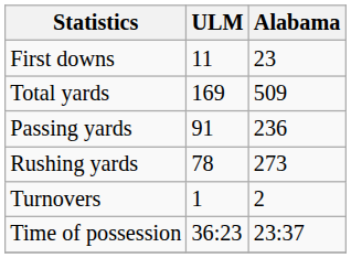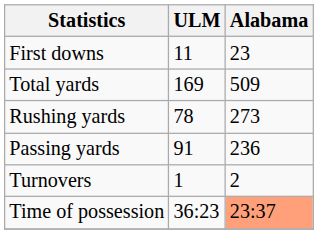 <table class="wikitable" style="float: left;">
 <tr>
 <th>Statistics</th>
 <th>ULM</th>
 <th>Alabama</th>
 </tr>
 <tr>
 <td>First downs</td>
 <td>11</td>
 <td>23</td>
 </tr>
 <tr>
 <td>Total yards</td>
 <td>169</td>
 <td>509</td>
 </tr>
 <tr>
+<td>Rushing yards</td>
+<td>78</td>
+<td>273</td>
+</tr>
+<tr>
 <td>Passing yards</td>
 <td>91</td>
 <td>236</td>
-</tr>
-<tr>
-<td>Rushing yards</td>
-<td>78</td>
-<td>273</td>
 </tr>
 <tr>
 <td>Turnovers</td>
 <td>1</td>
 <td>2</td>
 </tr>
 <tr>
 <td>Time of possession</td>
 <td>36:23</td>
-<td>23:37</td>
+<td style="background: lightsalmon;">23:37</td>
 </tr>
 <tr>
 </tr>
 </table>
